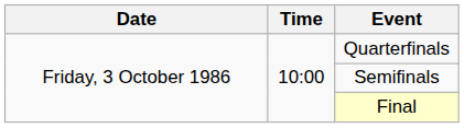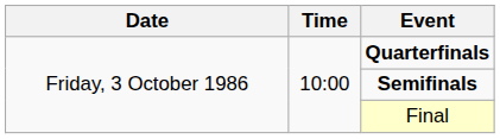 <table class = "wikitable" style="text-align:center;">
 <tr>
 <th width=220>Date</th>
 <th width=50>Time</th>
 <th width=100>Event</th>
 </tr>
 <tr>
 <td rowspan=3>Friday, 3 October 1986</td>
 <td rowspan=3>10:00</td>
-<td>Quarterfinals</td>
+<td><strong>Quarterfinals</strong></td>
 </tr>
 <tr>
-<td>Semifinals</td>
+<td><strong>Semifinals</strong></td>
 </tr>
 <tr>
 <td bgcolor=ffffcc>Final</td>
 </tr>
 </table>
